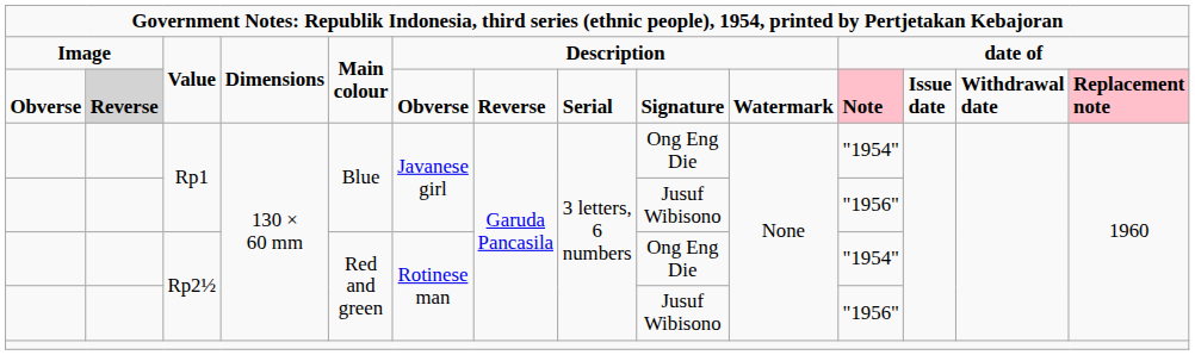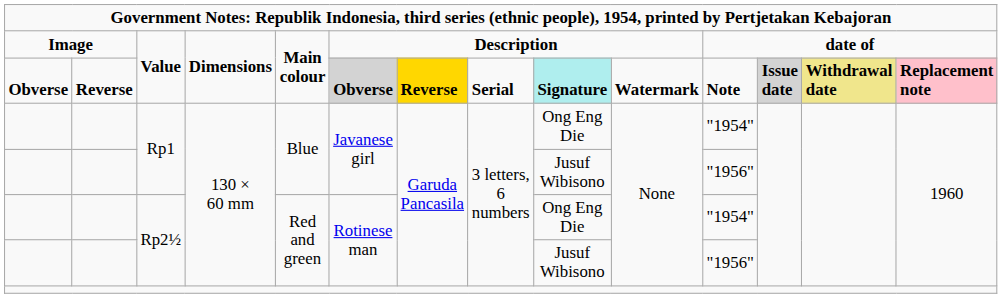 <table class="wikitable" >
 <tr style="text-align:center; font-weight:bold; vertical-align:bottom;">
 <td colspan="14">Government Notes: Republik Indonesia, third series (ethnic people), 1954, printed by Pertjetakan Kebajoran</td>
 </tr>
 <tr>
 <td colspan="2" style="font-weight:bold; text-align:center; vertical-align:bottom;">Image</td>
 <td rowspan="2" style="font-weight:bold; text-align:center;">Value</td>
 <td rowspan="2" style="font-weight:bold; text-align:center;">Dimensions</td>
 <td rowspan="2" style="font-weight:bold; text-align:center;">Main colour</td>
 <td colspan="5" style="font-weight:bold; text-align:center; vertical-align:bottom;">Description</td>
 <td colspan="4" style="font-weight:bold; text-align:center; vertical-align:bottom;">date of</td>
 </tr>
 <tr style="vertical-align:bottom;">
 <td style="font-weight:bold; ">Obverse</td>
-<td style="background: lightgrey; font-weight:bold; ">Reverse</td>
-<td style="font-weight:bold; ">Obverse</td>
 <td style="font-weight:bold; ">Reverse</td>
+<td style="background: lightgrey; font-weight:bold; ">Obverse</td>
+<td style="background: gold; font-weight:bold; ">Reverse</td>
 <td style="font-weight:bold; ">Serial</td>
-<td style="font-weight:bold; ">Signature</td>
+<td style="background: paleturquoise; font-weight:bold; ">Signature</td>
 <td style="font-weight:bold; ">Watermark</td>
-<td style="background: pink; font-weight:bold; ">Note</td>
-<td style="font-weight:bold; ">Issue date</td>
-<td style="font-weight:bold; ">Withdrawal date</td>
+<td style="font-weight:bold; ">Note</td>
+<td style="background: lightgrey; font-weight:bold; ">Issue date</td>
+<td style="background: khaki; font-weight:bold; ">Withdrawal date</td>
 <td style="background: pink; font-weight:bold; ">Replacement note</td>
 </tr>
 <tr>
 <td style="font-weight:bold; vertical-align:bottom;"></td>
 <td style="font-weight:bold; vertical-align:bottom;"></td>
 <td rowspan="2" style="text-align:center;">Rp1</td>
 <td rowspan="4" style="text-align:center;">130 × 60 mm</td>
 <td rowspan="2" style="text-align:center;">Blue</td>
 <td rowspan="2" style="text-align:center;"><a href='#'>Javanese</a> girl</td>
 <td rowspan="4" style="text-align:center;"><a href='#'>Garuda Pancasila</a></td>
 <td rowspan="4" style="text-align:center;">3 letters, 6 numbers</td>
 <td style="text-align:center;">Ong Eng Die</td>
 <td rowspan="4" style="text-align:center;">None</td>
 <td style="text-align:center;">"1954"</td>
 <td rowspan="4" style="text-align:center;"></td>
 <td rowspan="4" style="vertical-align:bottom;"> </td>
 <td rowspan="4" style="text-align:center;">1960</td>
 </tr>
 <tr>
 <td style="font-weight:bold; vertical-align:bottom;"></td>
 <td style="font-weight:bold; vertical-align:bottom;"></td>
 <td style="text-align:center;">Jusuf Wibisono</td>
 <td style="text-align:center;">"1956"</td>
 </tr>
 <tr>
 <td style="font-weight:bold; vertical-align:bottom;"></td>
 <td style="font-weight:bold; vertical-align:bottom;"></td>
 <td rowspan="2" style="text-align:center;">Rp2½</td>
 <td rowspan="2" style="text-align:center;">Red and green</td>
 <td rowspan="2" style="text-align:center;"><a href='#'>Rotinese</a> man</td>
 <td style="text-align:center;">Ong Eng Die</td>
 <td style="text-align:center;">"1954"</td>
 </tr>
 <tr>
 <td style="font-weight:bold; vertical-align:bottom;"></td>
 <td style="font-weight:bold; vertical-align:bottom;"></td>
 <td style="text-align:center;">Jusuf Wibisono</td>
 <td style="text-align:center;">"1956"</td>
 </tr>
 <tr>
 <td colspan="14" style="text-align:center; vertical-align:bottom;"></td>
 </tr>
 </table>
